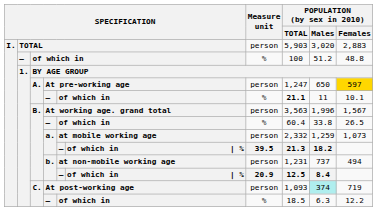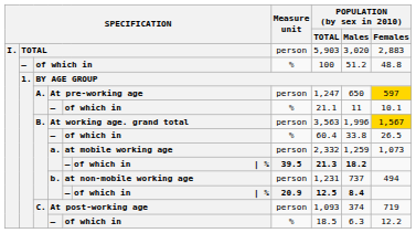 <table class="wikitable" style="font-size:85%; text-align:center">
 <tr>
 <th rowspan="2" colspan="6">SPECIFICATION</th>
 <th rowspan="2">Measure<br> unit</th>
 <th colspan="3" rowspan="1">POPULATION<br> (by sex in 2010)</th>
 </tr>
 <tr>
 <th>TOTAL</th>
 <th>Males</th>
 <th>Females</th>
 </tr>
 <tr>
 <th style="text-align:left" valign="top" rowspan="13">I.</th>
 <th style="text-align:left" colspan="5">TOTAL</th>
 <td>person</td>
 <td>5,903</td>
 <td>3,020</td>
 <td>2,883</td>
 </tr>
 <tr>
 <th style="text-align:left" valign="top">—</th>
 <th style="text-align:left" colspan="4">of which in</th>
 <td>%</td>
 <td>100</td>
 <td>51.2</td>
 <td>48.8</td>
 </tr>
 <tr>
 <th style="text-align:left" valign="top" rowspan="11">1.</th>
 <th style="text-align:left" colspan="19">BY AGE GROUP</th>
 </tr>
 <tr>
 <th style="text-align:left" valign="top" rowspan="2">A.</th>
 <th style="text-align:left" colspan="3">At pre-working age</th>
 <td>person</td>
 <td>1,247</td>
 <td>650</td>
 <td style="background: gold;">597</td>
 </tr>
 <tr>
 <th style="text-align:left" valign="top">—</th>
 <th style="text-align:left" valign="top" colspan="2">of which in</th>
 <td>%</td>
-<td><strong>21.1</strong></td>
+<td>21.1</td>
 <td>11</td>
 <td>10.1</td>
 </tr>
 <tr>
 <th style="text-align:left" valign="top" rowspan="6">B.</th>
 <th style="text-align:left" colspan="3">At working age. grand total</th>
 <td>person</td>
 <td>3,563</td>
 <td>1,996</td>
-<td>1,567</td>
+<td style="background: gold;">1,567</td>
 </tr>
 <tr>
 <th style="text-align:left" valign="top">—</th>
 <th style="text-align:left" valign="top" colspan="2">of which in</th>
 <td>%</td>
 <td>60.4</td>
 <td>33.8</td>
 <td>26.5</td>
 </tr>
 <tr>
 <th style="text-align:left" valign="top" rowspan="2">a.</th>
 <th style="text-align:left" colspan="2">at mobile working age</th>
 <td>person</td>
 <td>2,332</td>
 <td>1,259</td>
 <td>1,073</td>
 </tr>
 <tr>
 <th style="text-align:left" valign="top">—</th>
 <th style="text-align:left" valign="top" colspan="1">of which in                        | %</th>
 <th>39.5</th>
 <th>21.3</th>
 <th>18.2</th>
 </tr>
 <tr>
 <th style="text-align:left" valign="top" rowspan="2">b.</th>
 <th style="text-align:left" colspan="2">at non-mobile working age</th>
 <td>person</td>
 <td>1,231</td>
 <td>737</td>
 <td>494</td>
 </tr>
 <tr>
 <th style="text-align:left" valign="top">—</th>
 <th style="text-align:left" valign="top" colspan="1">of which in                        | %</th>
 <th>20.9</th>
 <th>12.5</th>
 <th>8.4</th>
 </tr>
 <tr>
 <th style="text-align:left" valign="top" rowspan="2">C.</th>
 <th style="text-align:left" colspan="3">At post-working age</th>
 <td>person</td>
 <td>1,093</td>
-<td style="background: paleturquoise;">374</td>
+<td>374</td>
 <td>719</td>
 </tr>
 <tr>
 <th style="text-align:left" valign="top">—</th>
 <th style="text-align:left" valign="top" colspan="2">of which in</th>
 <td>%</td>
 <td>18.5</td>
 <td>6.3</td>
 <td>12.2</td>
 </tr>
 </table>
